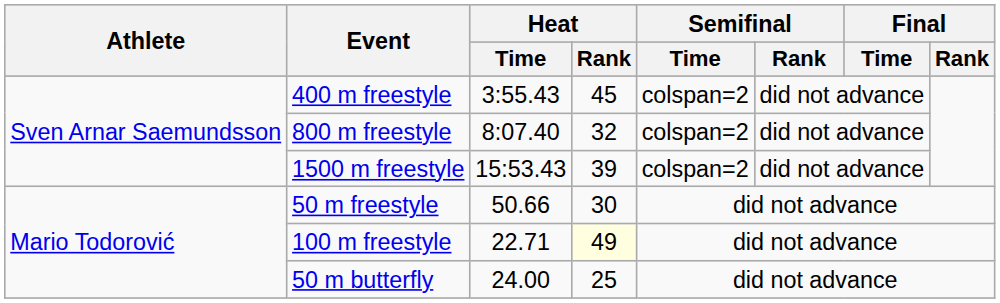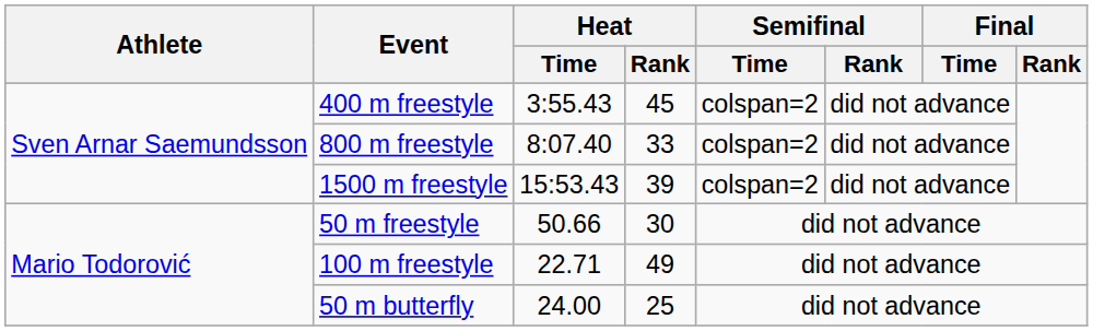 <table class=wikitable style="font-size:90%">
 <tr>
 <th rowspan="2">Athlete</th>
 <th rowspan="2">Event</th>
 <th colspan="2">Heat</th>
 <th colspan="2">Semifinal</th>
 <th colspan="2">Final</th>
 </tr>
 <tr style="font-size:95%">
 <th>Time</th>
 <th>Rank</th>
 <th>Time</th>
 <th>Rank</th>
 <th>Time</th>
 <th>Rank</th>
 </tr>
 <tr align=center>
 <td align=left rowspan=3><a href='#'>Sven Arnar Saemundsson</a></td>
 <td align=left><a href='#'>400 m freestyle</a></td>
 <td>3:55.43</td>
 <td>45</td>
 <td>colspan=2 </td>
 <td colspan=2>did not advance</td>
 </tr>
 <tr align=center>
 <td align=left><a href='#'>800 m freestyle</a></td>
 <td>8:07.40</td>
-<td>32</td>
+<td>33</td>
 <td>colspan=2 </td>
 <td colspan=2>did not advance</td>
 </tr>
 <tr align=center>
 <td align=left><a href='#'>1500 m freestyle</a></td>
 <td>15:53.43</td>
 <td>39</td>
 <td>colspan=2 </td>
 <td colspan=2>did not advance</td>
 </tr>
 <tr align=center>
 <td align=left rowspan=3><a href='#'>Mario Todorović</a></td>
 <td align=left><a href='#'>50 m freestyle</a></td>
 <td>50.66</td>
 <td>30</td>
 <td colspan=4>did not advance</td>
 </tr>
 <tr align=center>
 <td align=left><a href='#'>100 m freestyle</a></td>
 <td>22.71</td>
-<td style="background: lightyellow;">49</td>
+<td>49</td>
 <td colspan=4>did not advance</td>
 </tr>
 <tr align=center>
 <td align=left><a href='#'>50 m butterfly</a></td>
 <td>24.00</td>
 <td>25</td>
 <td colspan=4>did not advance</td>
 </tr>
 </table>
